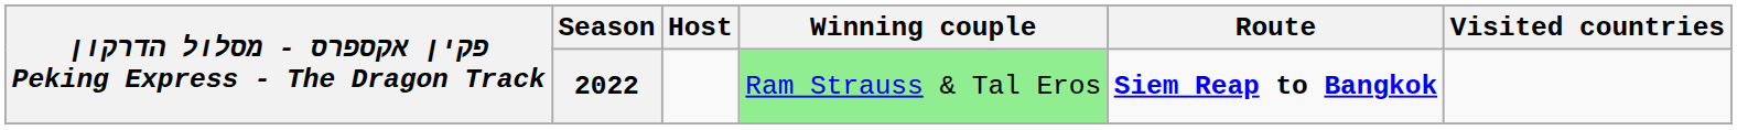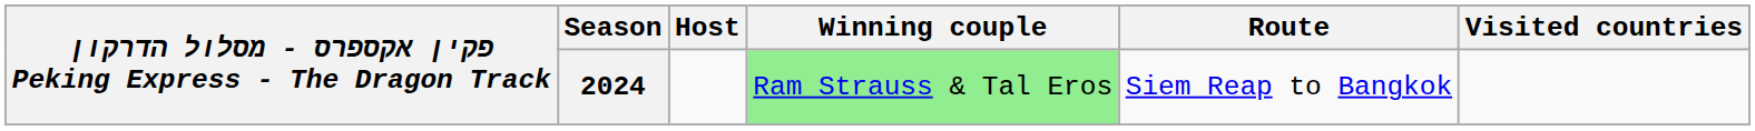 <table class="wikitable">
 <tr>
 <th rowspan="8"><em>פקין אקספרס - מסלול הדרקון</em><br><em>Peking Express - The Dragon Track</em></th>
 <th>Season</th>
 <th>Host</th>
 <th>Winning couple</th>
 <th>Route</th>
 <th>Visited countries</th>
 </tr>
 <tr>
-<th>2022</th>
+<th>2024</th>
 <td></td>
 <td style="background: lightgreen;"><a href='#'>Ram Strauss</a> & Tal Eros</td>
-<td><strong><a href='#'>Siem Reap</a> to <a href='#'>Bangkok</a></strong></td>
+<td><a href='#'>Siem Reap</a> to <a href='#'>Bangkok</a></td>
 <td><br><br></td>
 </tr>
 </table>
